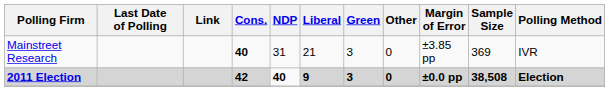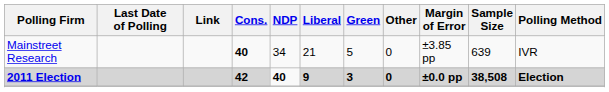 <table class="wikitable sortable">
 <tr style="background:#e9e9e9;">
 <th style="width:120px">Polling Firm</th>
 <th style="width:110px">Last Date<br>of Polling</th>
 <th style="width:60px" class="unsortable">Link</th>
 <th style="background-color:"><strong><a href='#'>Cons.</a></strong></th>
 <th style="background-color:"><strong><a href='#'>NDP</a></strong></th>
 <th style="background-color:"><strong><a href='#'>Liberal</a></strong></th>
 <th style="background-color:"><strong><a href='#'>Green</a></strong></th>
 <th style="background-color:"><strong>Other</strong></th>
 <th style="width:60px;" class=unsortable>Margin<br>of Error</th>
 <th style="width:50px;" class=unsortable>Sample<br>Size</th>
 <th class=unsortable>Polling Method</th>
 </tr>
 <tr>
 <td><a href='#'>Mainstreet Research</a></td>
 <td></td>
 <td></td>
 <td><strong>40</strong></td>
-<td>31</td>
+<td>34</td>
 <td>21</td>
-<td>3</td>
+<td>5</td>
 <td>0</td>
 <td>±3.85 pp</td>
-<td>369</td>
+<td>639</td>
 <td>IVR</td>
 </tr>
 <tr>
 <td style="background:#D5D5D5"><strong><a href='#'>2011 Election</a></strong></td>
 <td style="background:#D5D5D5"><strong></strong></td>
 <td style="background:#D5D5D5"></td>
 <td style="background:#D5D5D5"><strong>42</strong></td>
 <td><strong>40</strong></td>
 <td style="background:#D5D5D5"><strong>9</strong></td>
 <td style="background:#D5D5D5"><strong>3</strong></td>
 <td style="background:#D5D5D5"><strong>0</strong></td>
 <td style="background:#D5D5D5"><strong>±0.0 pp</strong></td>
 <td style="background:#D5D5D5"><strong>38,508</strong></td>
 <td style="background:#D5D5D5"><strong>Election</strong></td>
 </tr>
 <tr>
 </tr>
 <tr>
 </tr>
 </table>
